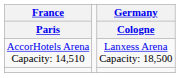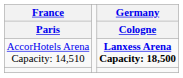 <table class="wikitable" style="text-align:center;">
 <tr>
 <th> <a href='#'>France</a></th>
 <td rowspan="4"></td>
 <th> <a href='#'>Germany</a></th>
 </tr>
 <tr>
 <th> <a href='#'>Paris</a></th>
 <th> <a href='#'>Cologne</a></th>
 </tr>
 <tr>
 <td><a href='#'>AccorHotels Arena</a><br>Capacity: 14,510</td>
-<td><a href='#'>Lanxess Arena</a><br>Capacity: 18,500</td>
+<td><strong><a href='#'>Lanxess Arena</a><br>Capacity: 18,500</strong></td>
 </tr>
 <tr>
 <td></td>
 <td></td>
 </tr>
 </table>
